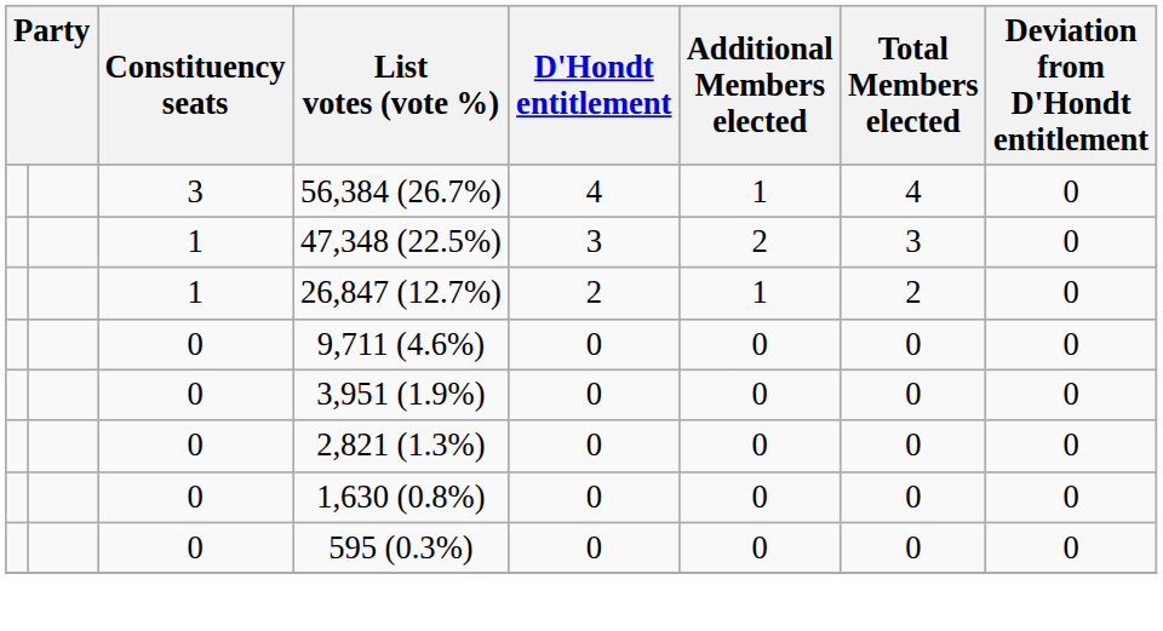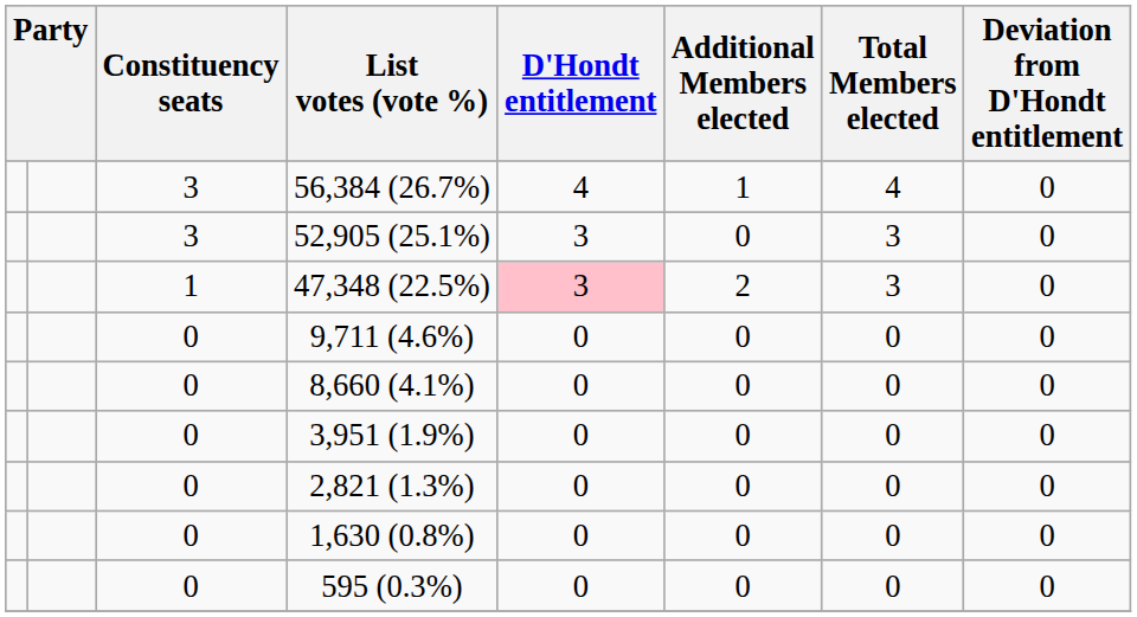 <table class="wikitable" style="text-align:center">
 <tr>
 <th colspan="2" rowspan="1" align="center" valign="top">Party</th>
 <th>Constituency<br>seats</th>
 <th>List<br>votes (vote %)</th>
 <th><a href='#'>D'Hondt<br>entitlement</a></th>
 <th>Additional<br>Members<br>elected</th>
 <th>Total<br>Members<br>elected</th>
 <th>Deviation<br>from<br>D'Hondt<br>entitlement</th>
 </tr>
 <tr>
 <td style="width: 4px"></td>
 <td style="text-align: left;" scope="row"><strong><a href='#'></a></strong></td>
 <td>3</td>
 <td>56,384 (26.7%)</td>
 <td>4</td>
 <td>1</td>
 <td>4</td>
 <td>0</td>
 </tr>
 <tr>
 <td style="width: 4px"></td>
 <td style="text-align: left;" scope="row"><strong><a href='#'></a></strong></td>
-<td>1</td>
-<td>47,348 (22.5%)</td>
 <td>3</td>
-<td>2</td>
+<td>52,905 (25.1%)</td>
+<td>3</td>
+<td>0</td>
 <td>3</td>
 <td>0</td>
 </tr>
 <tr>
 <td style="width: 4px"></td>
 <td style="text-align: left;" scope="row"><strong><a href='#'></a></strong></td>
 <td>1</td>
-<td>26,847 (12.7%)</td>
+<td>47,348 (22.5%)</td>
+<td style="background: pink;">3</td>
 <td>2</td>
-<td>1</td>
-<td>2</td>
+<td>3</td>
 <td>0</td>
 </tr>
 <tr>
 <td style="width: 4px"></td>
 <td style="text-align: left;" scope="row"><a href='#'></a></td>
 <td>0</td>
 <td>9,711 (4.6%)</td>
+<td>0</td>
+<td>0</td>
+<td>0</td>
+<td>0</td>
+</tr>
+<tr>
+<td style="width: 4px"></td>
+<td style="text-align: left;" scope="row"><a href='#'></a></td>
+<td>0</td>
+<td>8,660 (4.1%)</td>
 <td>0</td>
 <td>0</td>
 <td>0</td>
 <td>0</td>
 </tr>
 <tr>
 <td style="width: 4px"></td>
 <td style="text-align: left;" scope="row"><a href='#'></a></td>
 <td>0</td>
 <td>3,951 (1.9%)</td>
 <td>0</td>
 <td>0</td>
 <td>0</td>
 <td>0</td>
 </tr>
 <tr>
 <td style="width: 4px"></td>
 <td style="text-align: left;" scope="row"><a href='#'></a></td>
 <td>0</td>
 <td>2,821 (1.3%)</td>
 <td>0</td>
 <td>0</td>
 <td>0</td>
 <td>0</td>
 </tr>
 <tr>
 <td style="width: 4px"></td>
 <td style="text-align: left;" scope="row"><a href='#'></a></td>
 <td>0</td>
 <td>1,630 (0.8%)</td>
 <td>0</td>
 <td>0</td>
 <td>0</td>
 <td>0</td>
 </tr>
 <tr>
 <td style="width: 4px"></td>
 <td style="text-align: left;" scope="row"><a href='#'></a></td>
 <td>0</td>
 <td>595 (0.3%)</td>
 <td>0</td>
 <td>0</td>
 <td>0</td>
 <td>0</td>
 </tr>
 <tr>
 </tr>
 </table>
